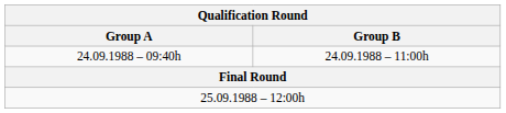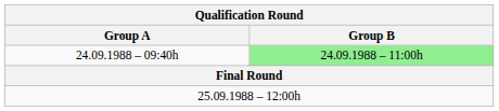 <table class="wikitable" style=" text-align:center; font-size:110%;" width="35%">
 <tr>
 <th colspan="2">Qualification Round</th>
 </tr>
 <tr>
 <th>Group A</th>
 <th>Group B</th>
 </tr>
 <tr>
 <td>24.09.1988 – 09:40h</td>
-<td>24.09.1988 – 11:00h</td>
+<td style="background: lightgreen;">24.09.1988 – 11:00h</td>
 </tr>
 <tr>
 <th colspan="2">Final Round</th>
 </tr>
 <tr>
 <td colspan="2">25.09.1988 – 12:00h</td>
 </tr>
 </table>
